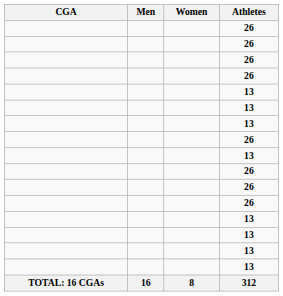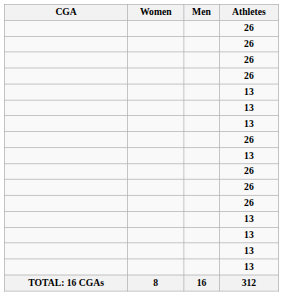 <table class="wikitable sortable" width=410 style="text-align:center; font-size:90%">
 <tr>
 <th align="left">CGA</th>
+<th>Women</th>
 <th>Men</th>
-<th>Women</th>
 <th>Athletes</th>
 </tr>
 <tr>
 <td style="text-align:left;"></td>
 <td></td>
 <td></td>
 <td><strong>26</strong></td>
 </tr>
 <tr>
 <td style="text-align:left;"></td>
 <td></td>
 <td></td>
 <td><strong>26</strong></td>
 </tr>
 <tr>
 <td style="text-align:left;"></td>
 <td></td>
 <td></td>
 <td><strong>26</strong></td>
 </tr>
 <tr>
 <td style="text-align:left;"></td>
 <td></td>
 <td></td>
 <td><strong>26</strong></td>
 </tr>
 <tr>
 <td style="text-align:left;"></td>
 <td></td>
 <td></td>
 <td><strong>13</strong></td>
 </tr>
 <tr>
 <td style="text-align:left;"></td>
 <td></td>
 <td></td>
 <td><strong>13</strong></td>
 </tr>
 <tr>
 <td style="text-align:left;"></td>
 <td></td>
 <td></td>
 <td><strong>13</strong></td>
 </tr>
 <tr>
 <td style="text-align:left;"></td>
 <td></td>
 <td></td>
 <td><strong>26</strong></td>
 </tr>
 <tr>
 <td style="text-align:left;"></td>
 <td></td>
 <td></td>
 <td><strong>13</strong></td>
 </tr>
 <tr>
 <td style="text-align:left;"></td>
 <td></td>
 <td></td>
 <td><strong>26</strong></td>
 </tr>
 <tr>
 <td style="text-align:left;"></td>
 <td></td>
 <td></td>
 <td><strong>26</strong></td>
 </tr>
 <tr>
 <td style="text-align:left;"></td>
 <td></td>
 <td></td>
 <td><strong>26</strong></td>
 </tr>
 <tr>
 <td style="text-align:left;"></td>
 <td></td>
 <td></td>
 <td><strong>13</strong></td>
 </tr>
 <tr>
 <td style="text-align:left;"></td>
 <td></td>
 <td></td>
 <td><strong>13</strong></td>
 </tr>
 <tr>
 <td style="text-align:left;"></td>
 <td></td>
 <td></td>
 <td><strong>13</strong></td>
 </tr>
 <tr>
 <td style="text-align:left;"></td>
 <td></td>
 <td></td>
 <td><strong>13</strong></td>
 </tr>
 <tr>
 <th>TOTAL: 16 CGAs</th>
+<th>8</th>
 <th>16</th>
-<th>8</th>
 <th>312</th>
 </tr>
 </table>
